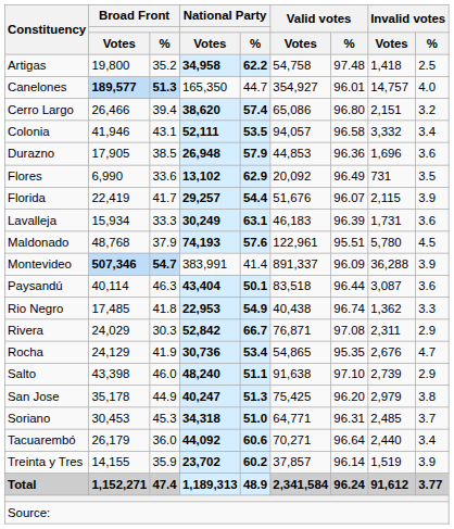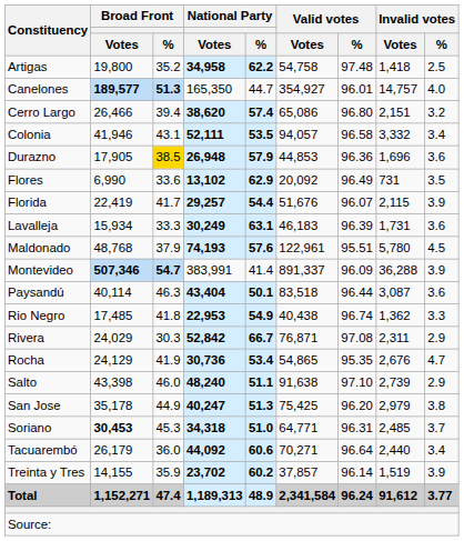 <table class="wikitable sortable collapsible collapsed tpl-blanktable" style="text-align:left; font-size:95%; line-height:20px;">
 <tr>
 <th rowspan="3">Constituency</th>
 <th colspan="2" width="30px" class="unsortable">Broad Front</th>
 <th colspan="2" width="30px" class="unsortable">National Party</th>
 <th colspan="2" rowspan="2">Valid votes</th>
 <th colspan="2" rowspan="2">Invalid votes</th>
 </tr>
 <tr>
 <th colspan="2" style="background:"></th>
 <th colspan="2" style="background:"></th>
 </tr>
 <tr>
 <th data-sort-type="number">Votes</th>
 <th>%</th>
 <th data-sort-type="number">Votes</th>
 <th>%</th>
 <th>Votes</th>
 <th>%</th>
 <th>Votes</th>
 <th>%</th>
 </tr>
 <tr>
 <td align="left">Artigas</td>
 <td>19,800</td>
 <td>35.2</td>
 <td style="background:#D4EDFF;"><strong>34,958</strong></td>
 <td style="background:#D4EDFF;"><strong>62.2</strong></td>
 <td>54,758</td>
 <td>97.48</td>
 <td>1,418</td>
 <td>2.5</td>
 </tr>
 <tr>
 <td align="left">Canelones</td>
 <td style="background:#C0DDF8;"><strong>189,577</strong></td>
 <td style="background:#C0DDF8;"><strong>51.3</strong></td>
 <td>165,350</td>
 <td>44.7</td>
 <td>354,927</td>
 <td>96.01</td>
 <td>14,757</td>
 <td>4.0</td>
 </tr>
 <tr>
 <td align="left">Cerro Largo</td>
 <td>26,466</td>
 <td>39.4</td>
 <td style="background:#D4EDFF;"><strong>38,620</strong></td>
 <td style="background:#D4EDFF;"><strong>57.4</strong></td>
 <td>65,086</td>
 <td>96.80</td>
 <td>2,151</td>
 <td>3.2</td>
 </tr>
 <tr>
 <td align="left">Colonia</td>
 <td>41,946</td>
 <td>43.1</td>
 <td style="background:#D4EDFF;"><strong>52,111</strong></td>
 <td style="background:#D4EDFF;"><strong>53.5</strong></td>
 <td>94,057</td>
 <td>96.58</td>
 <td>3,332</td>
 <td>3.4</td>
 </tr>
 <tr>
 <td align="left">Durazno</td>
 <td>17,905</td>
-<td>38.5</td>
+<td style="background: gold;">38.5</td>
 <td style="background:#D4EDFF;"><strong>26,948</strong></td>
 <td style="background:#D4EDFF;"><strong>57.9</strong></td>
 <td>44,853</td>
 <td>96.36</td>
 <td>1,696</td>
 <td>3.6</td>
 </tr>
 <tr>
 <td align="left">Flores</td>
 <td>6,990</td>
 <td>33.6</td>
 <td style="background:#D4EDFF;"><strong>13,102</strong></td>
 <td style="background:#D4EDFF;"><strong>62.9</strong></td>
 <td>20,092</td>
 <td>96.49</td>
 <td>731</td>
 <td>3.5</td>
 </tr>
 <tr>
 <td align="left">Florida</td>
 <td>22,419</td>
 <td>41.7</td>
 <td style="background:#D4EDFF;"><strong>29,257</strong></td>
 <td style="background:#D4EDFF;"><strong>54.4</strong></td>
 <td>51,676</td>
 <td>96.07</td>
 <td>2,115</td>
 <td>3.9</td>
 </tr>
 <tr>
 <td align="left">Lavalleja</td>
 <td>15,934</td>
 <td>33.3</td>
 <td style="background:#D4EDFF;"><strong>30,249</strong></td>
 <td style="background:#D4EDFF;"><strong>63.1</strong></td>
 <td>46,183</td>
 <td>96.39</td>
 <td>1,731</td>
 <td>3.6</td>
 </tr>
 <tr>
 <td align="left">Maldonado</td>
 <td>48,768</td>
 <td>37.9</td>
 <td style="background:#D4EDFF;"><strong>74,193</strong></td>
 <td style="background:#D4EDFF;"><strong>57.6</strong></td>
 <td>122,961</td>
 <td>95.51</td>
 <td>5,780</td>
 <td>4.5</td>
 </tr>
 <tr>
 <td align="left">Montevideo</td>
 <td style="background:#C0DDF8;"><strong>507,346</strong></td>
 <td style="background:#C0DDF8;"><strong>54.7</strong></td>
 <td>383,991</td>
 <td>41.4</td>
 <td>891,337</td>
 <td>96.09</td>
 <td>36,288</td>
 <td>3.9</td>
 </tr>
 <tr>
 <td align="left">Paysandú</td>
 <td>40,114</td>
 <td>46.3</td>
 <td style="background:#D4EDFF;"><strong>43,404</strong></td>
 <td style="background:#D4EDFF;"><strong>50.1</strong></td>
 <td>83,518</td>
 <td>96.44</td>
 <td>3,087</td>
 <td>3.6</td>
 </tr>
 <tr>
 <td align="left">Rio Negro</td>
 <td>17,485</td>
 <td>41.8</td>
 <td style="background:#D4EDFF;"><strong>22,953</strong></td>
 <td style="background:#D4EDFF;"><strong>54.9</strong></td>
 <td>40,438</td>
 <td>96.74</td>
 <td>1,362</td>
 <td>3.3</td>
 </tr>
 <tr>
 <td align="left">Rivera</td>
 <td>24,029</td>
 <td>30.3</td>
 <td style="background:#D4EDFF;"><strong>52,842</strong></td>
 <td style="background:#D4EDFF;"><strong>66.7</strong></td>
 <td>76,871</td>
 <td>97.08</td>
 <td>2,311</td>
 <td>2.9</td>
 </tr>
 <tr>
 <td align="left">Rocha</td>
 <td>24,129</td>
 <td>41.9</td>
 <td style="background:#D4EDFF;"><strong>30,736</strong></td>
 <td style="background:#D4EDFF;"><strong>53.4</strong></td>
 <td>54,865</td>
 <td>95.35</td>
 <td>2,676</td>
 <td>4.7</td>
 </tr>
 <tr>
 <td align="left">Salto</td>
 <td>43,398</td>
 <td>46.0</td>
 <td style="background:#D4EDFF;"><strong>48,240</strong></td>
 <td style="background:#D4EDFF;"><strong>51.1</strong></td>
 <td>91,638</td>
 <td>97.10</td>
 <td>2,739</td>
 <td>2.9</td>
 </tr>
 <tr>
 <td align="left">San Jose</td>
 <td>35,178</td>
 <td>44.9</td>
 <td style="background:#D4EDFF;"><strong>40,247</strong></td>
 <td style="background:#D4EDFF;"><strong>51.3</strong></td>
 <td>75,425</td>
 <td>96.20</td>
 <td>2,979</td>
 <td>3.8</td>
 </tr>
 <tr>
 <td align="left">Soriano</td>
-<td>30,453</td>
+<td><strong>30,453</strong></td>
 <td>45.3</td>
 <td style="background:#D4EDFF;"><strong>34,318</strong></td>
 <td style="background:#D4EDFF;"><strong>51.0</strong></td>
 <td>64,771</td>
 <td>96.31</td>
 <td>2,485</td>
 <td>3.7</td>
 </tr>
 <tr>
 <td align="left">Tacuarembó</td>
 <td>26,179</td>
 <td>36.0</td>
 <td style="background:#D4EDFF;"><strong>44,092</strong></td>
 <td style="background:#D4EDFF;"><strong>60.6</strong></td>
 <td>70,271</td>
 <td>96.64</td>
 <td>2,440</td>
 <td>3.4</td>
 </tr>
 <tr>
 <td align="left">Treinta y Tres</td>
 <td>14,155</td>
 <td>35.9</td>
 <td style="background:#D4EDFF;"><strong>23,702</strong></td>
 <td style="background:#D4EDFF;"><strong>60.2</strong></td>
 <td>37,857</td>
 <td>96.14</td>
 <td>1,519</td>
 <td>3.9</td>
 </tr>
 <tr style="background:#CDCDCD;">
 <td align="left"><strong>Total</strong></td>
 <td><strong>1,152,271</strong></td>
 <td><strong>47.4</strong></td>
 <td style="background:#D4EDFF;"><strong>1,189,313</strong></td>
 <td style="background:#D4EDFF;"><strong>48.9</strong></td>
 <td><strong>2,341,584</strong></td>
 <td><strong>96.24</strong></td>
 <td><strong>91,612</strong></td>
 <td><strong>3.77</strong></td>
 </tr>
 <tr>
 <th colspan="9"></th>
 </tr>
 <tr>
 <th colspan="9" style="text-align:left; font-weight:normal; background:#F9F9F9">Source: </th>
 </tr>
 </table>
